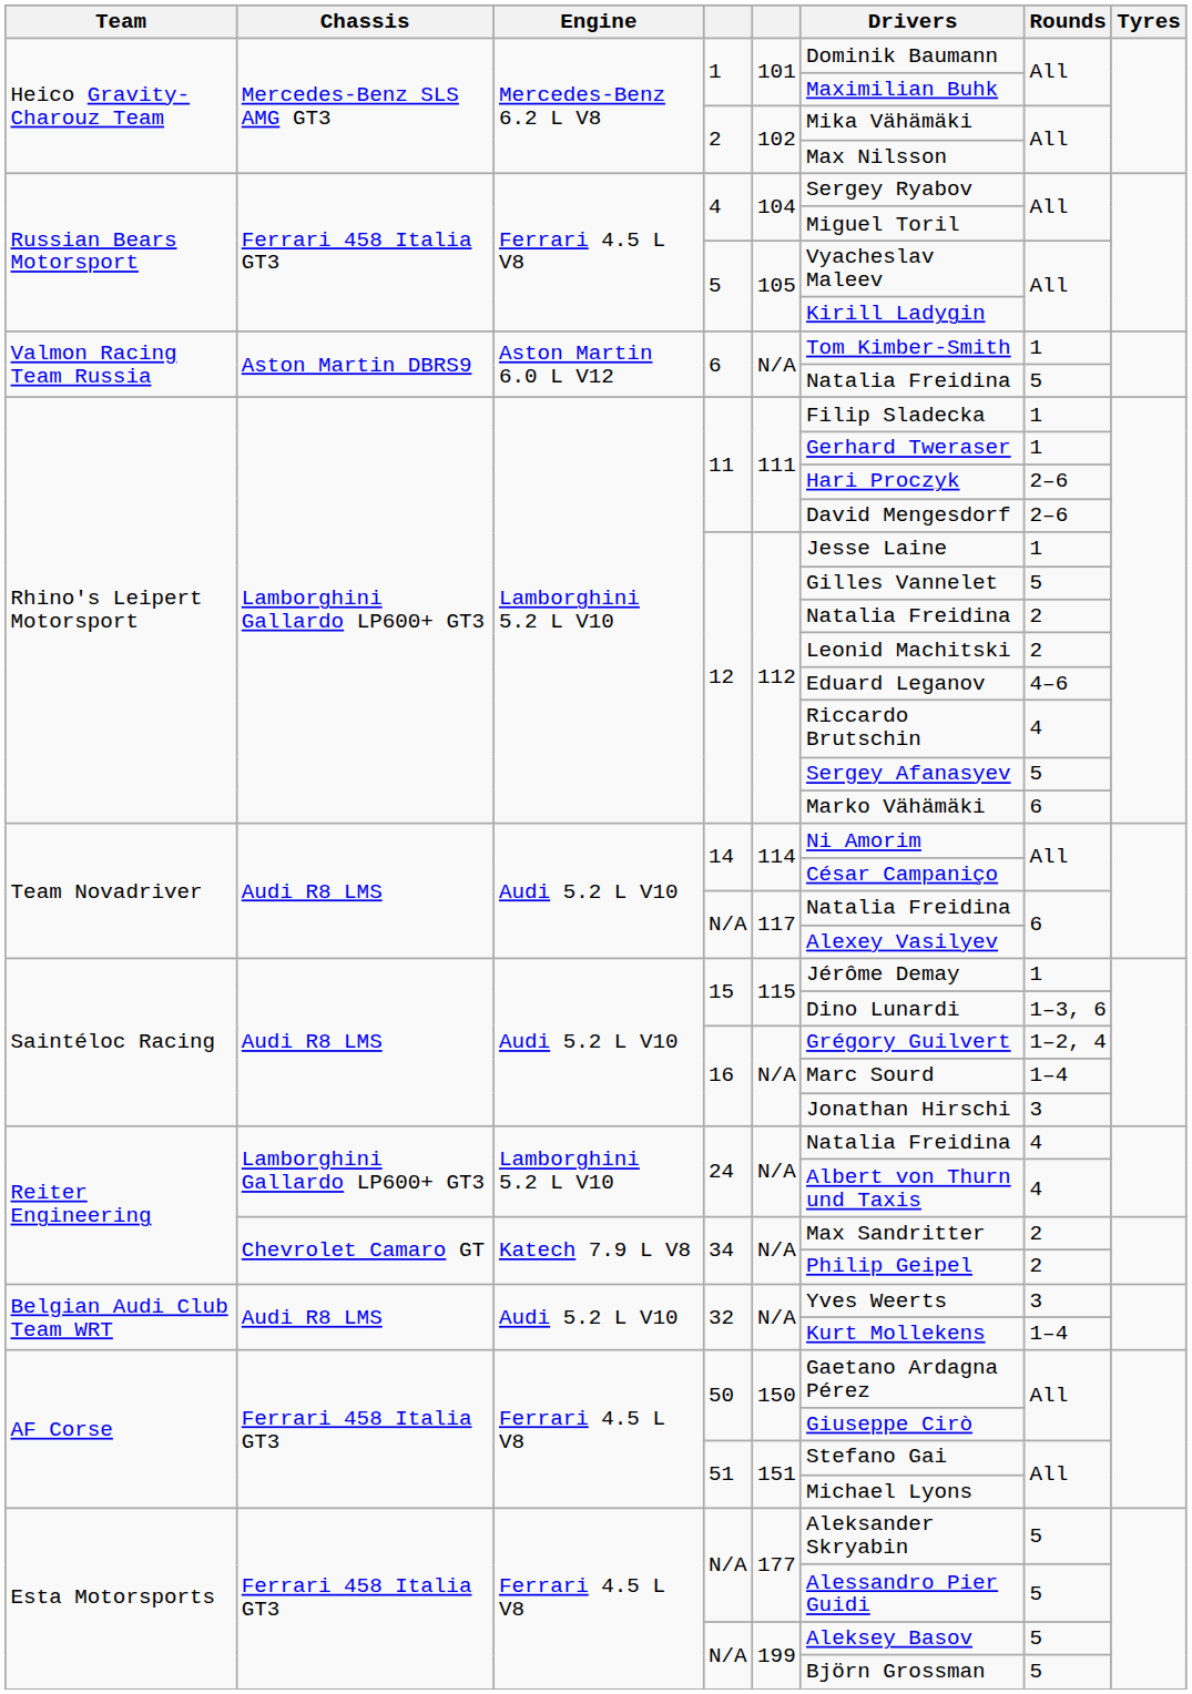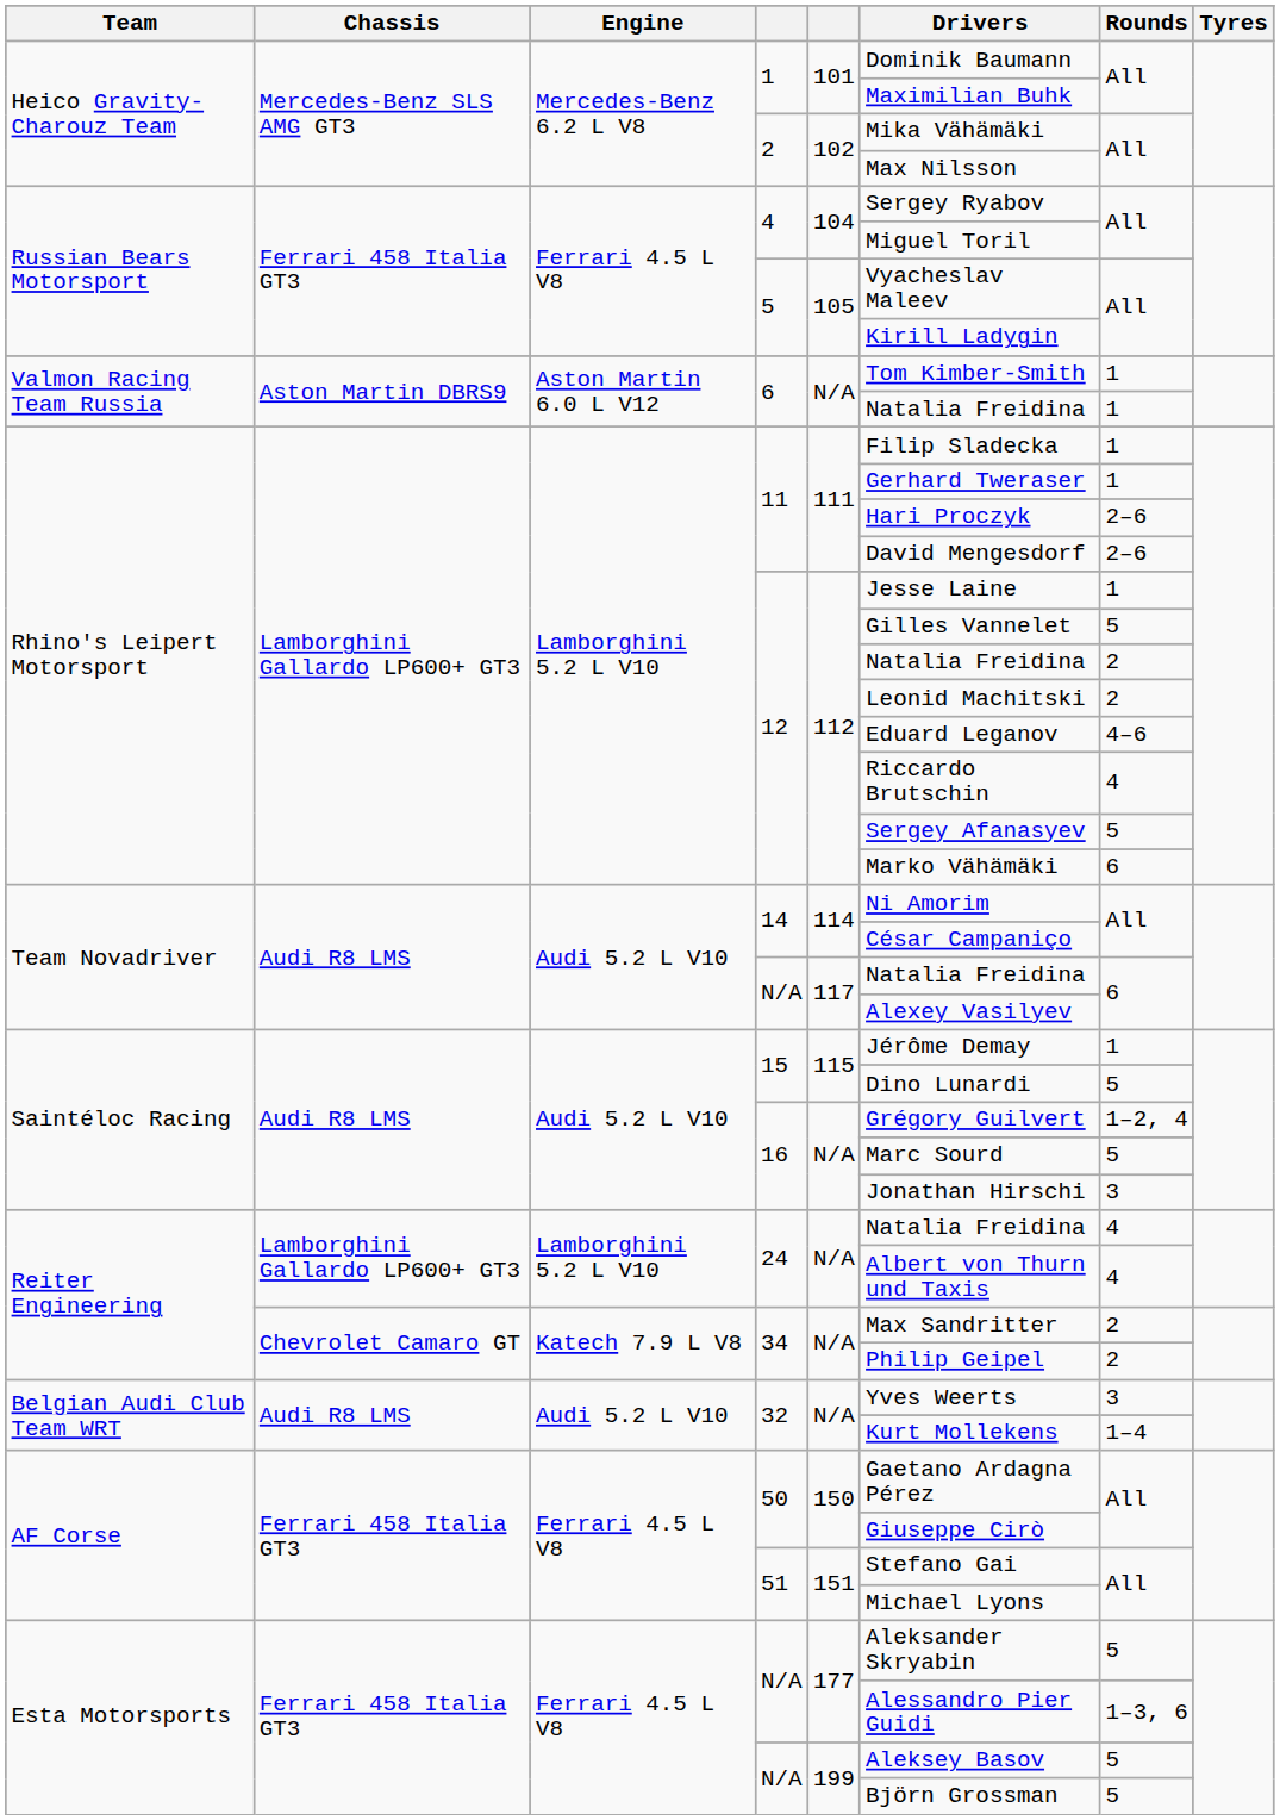 <table class="wikitable" style="font-size: 85%;">
 <tr>
 <th>Team</th>
 <th>Chassis</th>
 <th>Engine</th>
 <th></th>
 <th></th>
 <th>Drivers</th>
 <th>Rounds</th>
 <th>Tyres</th>
 </tr>
 <tr>
 <td rowspan=4> Heico <a href='#'>Gravity-Charouz Team</a></td>
 <td rowspan=4><a href='#'>Mercedes-Benz SLS AMG</a> GT3</td>
 <td rowspan=4><a href='#'>Mercedes-Benz</a> 6.2 L V8</td>
 <td rowspan=2>1</td>
 <td rowspan=2>101</td>
 <td> Dominik Baumann</td>
 <td rowspan=2>All</td>
 <td rowspan=4 align=center></td>
 </tr>
 <tr>
 <td> <a href='#'>Maximilian Buhk</a></td>
 </tr>
 <tr>
 <td rowspan=2>2</td>
 <td rowspan=2>102</td>
 <td> Mika Vähämäki</td>
 <td rowspan=2>All</td>
 </tr>
 <tr>
 <td> Max Nilsson</td>
 </tr>
 <tr>
 <td rowspan=4> <a href='#'>Russian Bears Motorsport</a></td>
 <td rowspan=4><a href='#'>Ferrari 458 Italia</a> GT3</td>
 <td rowspan=4><a href='#'>Ferrari</a> 4.5 L V8</td>
 <td rowspan=2>4</td>
 <td rowspan=2>104</td>
 <td> Sergey Ryabov</td>
 <td rowspan=2>All</td>
 <td rowspan=4 align=center></td>
 </tr>
 <tr>
 <td> Miguel Toril</td>
 </tr>
 <tr>
 <td rowspan=2>5</td>
 <td rowspan=2>105</td>
 <td> Vyacheslav Maleev</td>
 <td rowspan=2>All</td>
 </tr>
 <tr>
 <td> <a href='#'>Kirill Ladygin</a></td>
 </tr>
 <tr>
 <td rowspan=2> <a href='#'>Valmon Racing Team Russia</a></td>
 <td rowspan=2><a href='#'>Aston Martin DBRS9</a></td>
 <td rowspan=2><a href='#'>Aston Martin</a> 6.0 L V12</td>
 <td rowspan=2>6</td>
 <td rowspan=2>N/A</td>
 <td> <a href='#'>Tom Kimber-Smith</a></td>
 <td>1</td>
 <td rowspan=2 align=center></td>
 </tr>
 <tr>
 <td> Natalia Freidina</td>
-<td>5</td>
+<td>1</td>
 </tr>
 <tr>
 <td rowspan=12> Rhino's Leipert Motorsport</td>
 <td rowspan=12><a href='#'>Lamborghini Gallardo</a> LP600+ GT3</td>
 <td rowspan=12><a href='#'>Lamborghini</a> 5.2 L V10</td>
 <td rowspan=4>11</td>
 <td rowspan=4>111</td>
 <td> Filip Sladecka</td>
 <td>1</td>
 <td rowspan=12 align=center></td>
 </tr>
 <tr>
 <td> <a href='#'>Gerhard Tweraser</a></td>
 <td>1</td>
 </tr>
 <tr>
 <td> <a href='#'>Hari Proczyk</a></td>
 <td>2–6</td>
 </tr>
 <tr>
 <td> David Mengesdorf</td>
 <td>2–6</td>
 </tr>
 <tr>
 <td rowspan=8>12</td>
 <td rowspan=8>112</td>
 <td> Jesse Laine</td>
 <td>1</td>
 </tr>
 <tr>
 <td> Gilles Vannelet</td>
 <td>5</td>
 </tr>
 <tr>
 <td> Natalia Freidina</td>
 <td>2</td>
 </tr>
 <tr>
 <td> Leonid Machitski</td>
 <td>2</td>
 </tr>
 <tr>
 <td> Eduard Leganov</td>
 <td>4–6</td>
 </tr>
 <tr>
 <td> Riccardo Brutschin</td>
 <td>4</td>
 </tr>
 <tr>
 <td> <a href='#'>Sergey Afanasyev</a></td>
 <td>5</td>
 </tr>
 <tr>
 <td> Marko Vähämäki</td>
 <td>6</td>
 </tr>
 <tr>
 <td rowspan=4> Team Novadriver</td>
 <td rowspan=4><a href='#'>Audi R8 LMS</a></td>
 <td rowspan=4><a href='#'>Audi</a> 5.2 L V10</td>
 <td rowspan=2>14</td>
 <td rowspan=2>114</td>
 <td> <a href='#'>Ni Amorim</a></td>
 <td rowspan=2>All</td>
 <td rowspan=4 align=center></td>
 </tr>
 <tr>
 <td> <a href='#'>César Campaniço</a></td>
 </tr>
 <tr>
 <td rowspan=2>N/A</td>
 <td rowspan=2>117</td>
 <td> Natalia Freidina</td>
 <td rowspan=2>6</td>
 </tr>
 <tr>
 <td> <a href='#'>Alexey Vasilyev</a></td>
 </tr>
 <tr>
 <td rowspan=5> Saintéloc Racing</td>
 <td rowspan=5><a href='#'>Audi R8 LMS</a></td>
 <td rowspan=5><a href='#'>Audi</a> 5.2 L V10</td>
 <td rowspan=2>15</td>
 <td rowspan=2>115</td>
 <td> Jérôme Demay</td>
 <td>1</td>
 <td rowspan=5 align=center></td>
 </tr>
 <tr>
 <td> Dino Lunardi</td>
-<td>1–3, 6</td>
+<td>5</td>
 </tr>
 <tr>
 <td rowspan=3>16</td>
 <td rowspan=3>N/A</td>
 <td> <a href='#'>Grégory Guilvert</a></td>
 <td>1–2, 4</td>
 </tr>
 <tr>
 <td> Marc Sourd</td>
-<td>1–4</td>
+<td>5</td>
 </tr>
 <tr>
 <td> Jonathan Hirschi</td>
 <td>3</td>
 </tr>
 <tr>
 <td rowspan=4> <a href='#'>Reiter Engineering</a></td>
 <td rowspan=2><a href='#'>Lamborghini Gallardo</a> LP600+ GT3</td>
 <td rowspan=2><a href='#'>Lamborghini</a> 5.2 L V10</td>
 <td rowspan=2>24</td>
 <td rowspan=2>N/A</td>
 <td> Natalia Freidina</td>
 <td>4</td>
 <td rowspan=2 align=center></td>
 </tr>
 <tr>
 <td> <a href='#'>Albert von Thurn und Taxis</a></td>
 <td>4</td>
 </tr>
 <tr>
 <td rowspan=2><a href='#'>Chevrolet Camaro</a> GT</td>
 <td rowspan=2><a href='#'>Katech</a> 7.9 L V8</td>
 <td rowspan=2>34</td>
 <td rowspan=2>N/A</td>
 <td> Max Sandritter</td>
 <td>2</td>
 <td rowspan=2 align=center></td>
 </tr>
 <tr>
 <td> <a href='#'>Philip Geipel</a></td>
 <td>2</td>
 </tr>
 <tr>
 <td rowspan=2> <a href='#'>Belgian Audi Club Team WRT</a></td>
 <td rowspan=2><a href='#'>Audi R8 LMS</a></td>
 <td rowspan=2><a href='#'>Audi</a> 5.2 L V10</td>
 <td rowspan=2>32</td>
 <td rowspan=2>N/A</td>
 <td> Yves Weerts</td>
 <td>3</td>
 <td rowspan=2 align=center></td>
 </tr>
 <tr>
 <td> <a href='#'>Kurt Mollekens</a></td>
 <td>1–4</td>
 </tr>
 <tr>
 <td rowspan=4> <a href='#'>AF Corse</a></td>
 <td rowspan=4><a href='#'>Ferrari 458 Italia</a> GT3</td>
 <td rowspan=4><a href='#'>Ferrari</a> 4.5 L V8</td>
 <td rowspan=2>50</td>
 <td rowspan=2>150</td>
 <td> Gaetano Ardagna Pérez</td>
 <td rowspan=2>All</td>
 <td rowspan=4 align=center></td>
 </tr>
 <tr>
 <td> <a href='#'>Giuseppe Cirò</a></td>
 </tr>
 <tr>
 <td rowspan=2>51</td>
 <td rowspan=2>151</td>
 <td> Stefano Gai</td>
 <td rowspan=2>All</td>
 </tr>
 <tr>
 <td> Michael Lyons</td>
 </tr>
 <tr>
 <td rowspan=4> Esta Motorsports</td>
 <td rowspan=4><a href='#'>Ferrari 458 Italia</a> GT3</td>
 <td rowspan=4><a href='#'>Ferrari</a> 4.5 L V8</td>
 <td rowspan=2>N/A</td>
 <td rowspan=2>177</td>
 <td> Aleksander Skryabin</td>
 <td>5</td>
 <td rowspan=4 align=center></td>
 </tr>
 <tr>
 <td> <a href='#'>Alessandro Pier Guidi</a></td>
-<td>5</td>
+<td>1–3, 6</td>
 </tr>
 <tr>
 <td rowspan=2>N/A</td>
 <td rowspan=2>199</td>
 <td> <a href='#'>Aleksey Basov</a></td>
 <td>5</td>
 </tr>
 <tr>
 <td> Björn Grossman</td>
 <td>5</td>
 </tr>
 </table>
